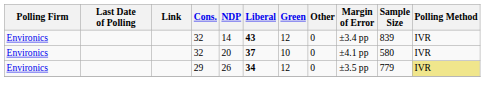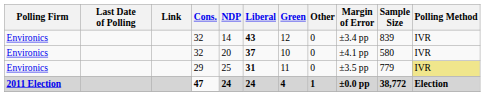 <table class="wikitable sortable">
 <tr style="background:#e9e9e9;">
 <th style="width:120px">Polling Firm</th>
 <th style="width:110px">Last Date<br>of Polling</th>
 <th style="width:60px" class="unsortable">Link</th>
 <th style="background-color:"><strong><a href='#'>Cons.</a></strong></th>
 <th style="background-color:"><strong><a href='#'>NDP</a></strong></th>
 <th style="background-color:"><strong><a href='#'>Liberal</a></strong></th>
 <th style="background-color:"><strong><a href='#'>Green</a></strong></th>
 <th style="background-color:"><strong>Other</strong></th>
 <th style="width:60px;" class=unsortable>Margin<br>of Error</th>
 <th style="width:50px;" class=unsortable>Sample<br>Size</th>
 <th class=unsortable>Polling Method</th>
 </tr>
 <tr>
 <td><a href='#'>Environics</a></td>
 <td></td>
 <td></td>
 <td>32</td>
 <td>14</td>
 <td><strong>43</strong></td>
 <td>12</td>
 <td>0</td>
 <td>±3.4 pp</td>
 <td>839</td>
 <td>IVR</td>
 </tr>
 <tr>
 <td><a href='#'>Environics</a></td>
 <td></td>
 <td></td>
 <td>32</td>
 <td>20</td>
 <td><strong>37</strong></td>
 <td>10</td>
 <td>0</td>
 <td>±4.1 pp</td>
 <td>580</td>
 <td>IVR</td>
 </tr>
 <tr>
 <td><a href='#'>Environics</a></td>
 <td></td>
 <td></td>
 <td>29</td>
-<td>26</td>
-<td><strong>34</strong></td>
-<td>12</td>
+<td>25</td>
+<td><strong>31</strong></td>
+<td>11</td>
 <td>0</td>
 <td>±3.5 pp</td>
 <td>779</td>
 <td style="background: khaki;">IVR</td>
 </tr>
 <tr>
+<td style="background:#D5D5D5"><strong><a href='#'>2011 Election</a></strong></td>
+<td style="background:#D5D5D5"><strong></strong></td>
+<td style="background:#D5D5D5"></td>
+<td><strong>47</strong></td>
+<td style="background:#D5D5D5"><strong>24</strong></td>
+<td style="background:#D5D5D5"><strong>24</strong></td>
+<td style="background:#D5D5D5"><strong>4</strong></td>
+<td style="background:#D5D5D5"><strong>1</strong></td>
+<td style="background:#D5D5D5"><strong>±0.0 pp</strong></td>
+<td style="background:#D5D5D5"><strong>38,772</strong></td>
+<td style="background:#D5D5D5"><strong>Election</strong></td>
+</tr>
+<tr>
 </tr>
 <tr>
 </tr>
 </table>
